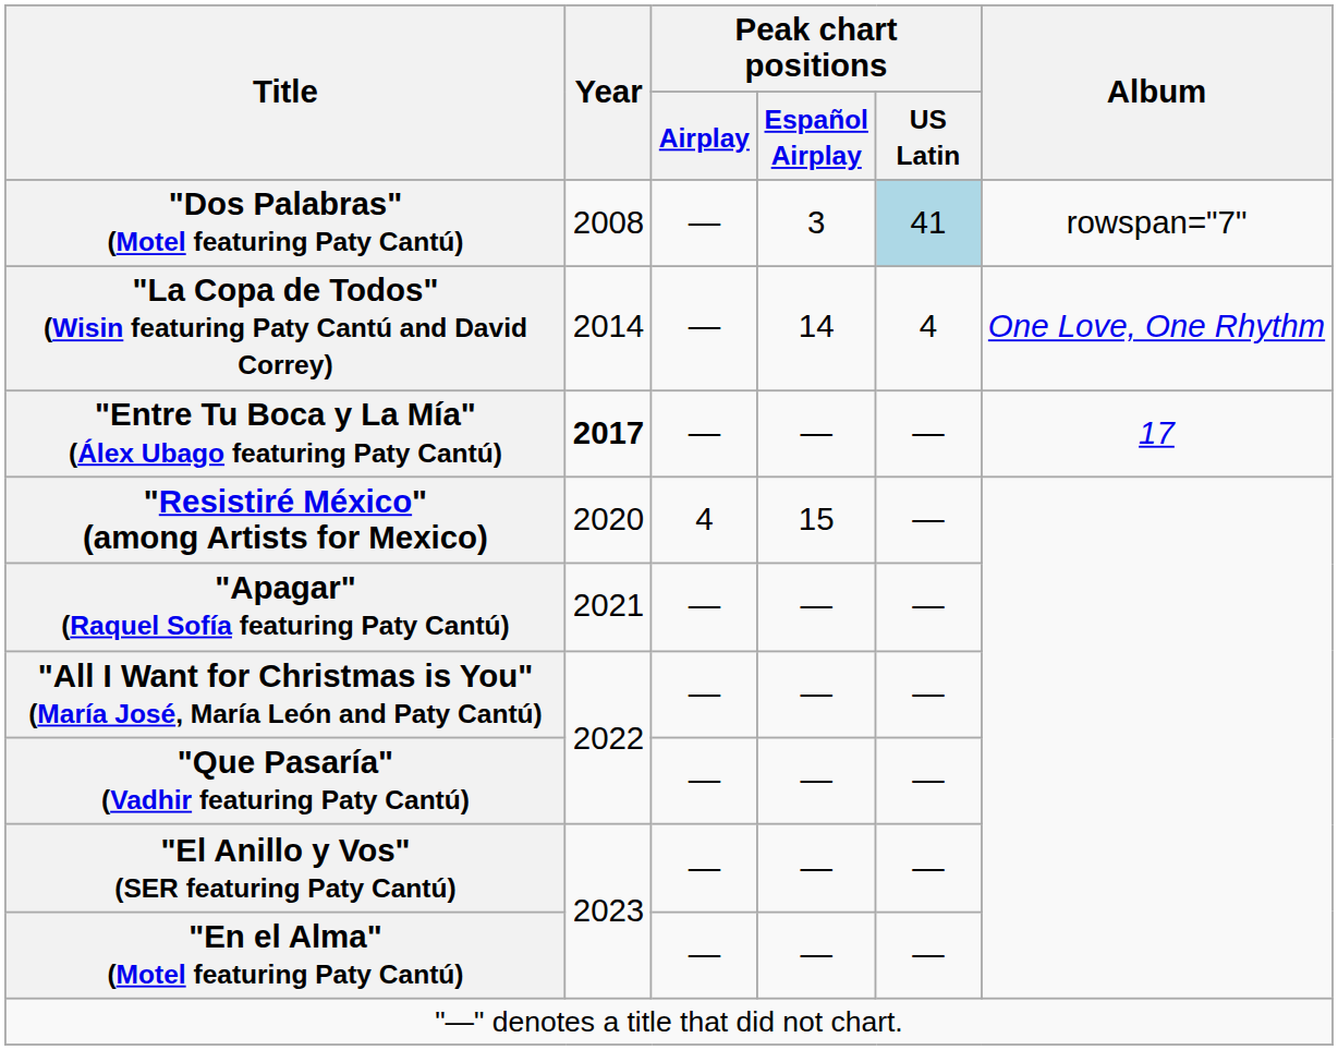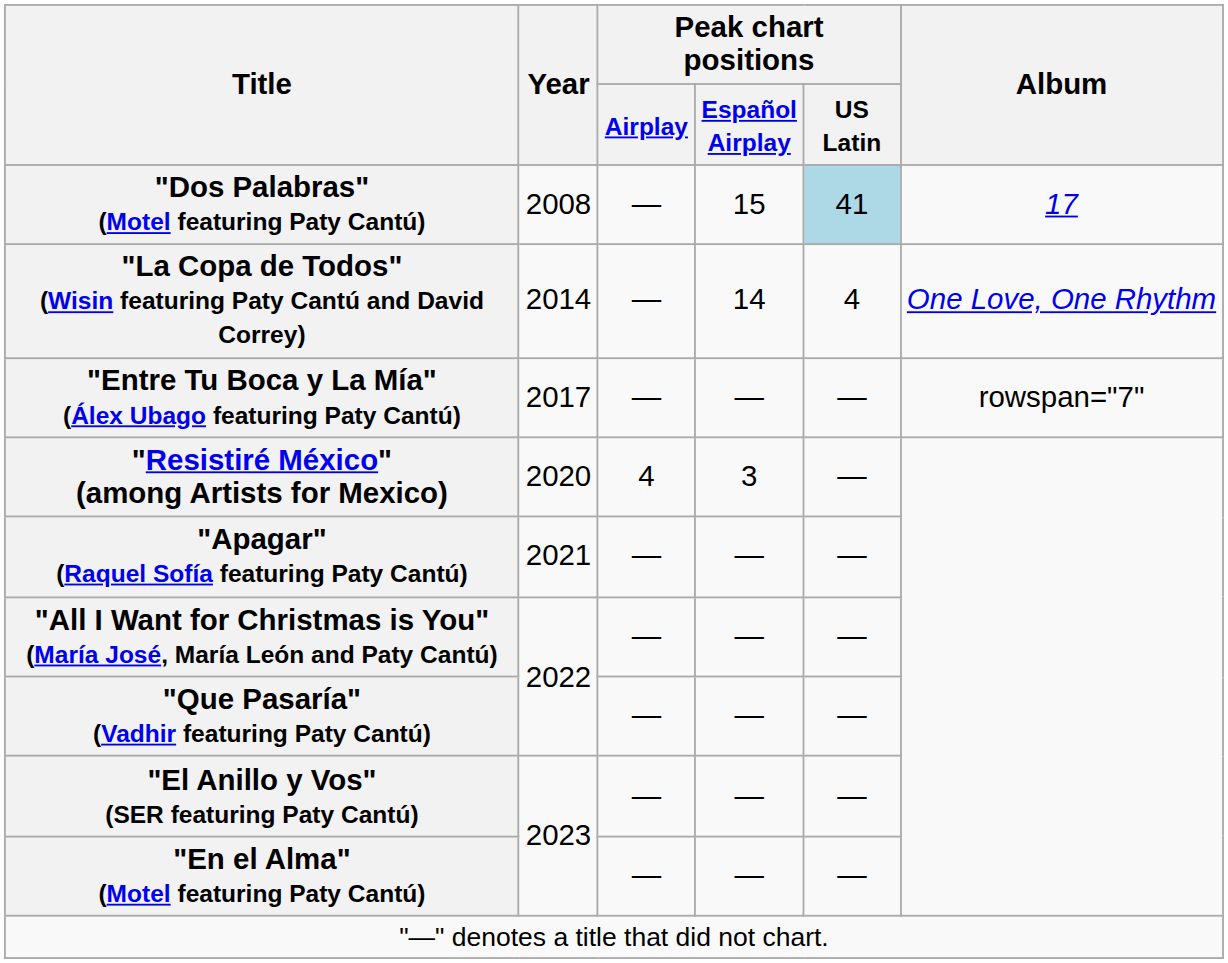 <table class="wikitable plainrowheaders" style="text-align:center;">
 <tr>
 <th scope="col" rowspan="2" style="width:17em;">Title</th>
 <th scope="col" rowspan="2">Year</th>
 <th scope="col" colspan="3">Peak chart<br>positions</th>
 <th scope="col" rowspan="2">Album</th>
 </tr>
 <tr>
 <th style="width:45px;"><small><a href='#'>Airplay</a></small></th>
 <th style="width:45px;"><small><a href='#'>Español<br>Airplay</a></small></th>
 <th style="width:45px;"><small>US<br>Latin</small></th>
 </tr>
 <tr>
 <th scope="row">"Dos Palabras"<br><small>(<a href='#'>Motel</a> featuring Paty Cantú)</small></th>
 <td>2008</td>
 <td>—</td>
-<td>3</td>
+<td>15</td>
 <td style="background: lightblue;">41</td>
-<td>rowspan="7" </td>
+<td><em><a href='#'>17</a></em></td>
 </tr>
 <tr>
 <th scope="row">"La Copa de Todos"<br><small>(<a href='#'>Wisin</a> featuring Paty Cantú and David Correy)</small></th>
 <td>2014</td>
 <td>—</td>
 <td>14</td>
 <td>4</td>
 <td><em><a href='#'>One Love, One Rhythm</a></em></td>
 </tr>
 <tr>
 <th scope="row">"Entre Tu Boca y La Mía"<br><small>(<a href='#'>Álex Ubago</a> featuring Paty Cantú)</small></th>
-<td><strong>2017</strong></td>
+<td>2017</td>
 <td>—</td>
 <td>—</td>
 <td>—</td>
-<td><em><a href='#'>17</a></em></td>
+<td>rowspan="7" </td>
 </tr>
 <tr>
 <th scope="row">"<a href='#'>Resistiré México</a>"<br><span>(among Artists for Mexico)</span></th>
 <td>2020</td>
 <td>4</td>
-<td>15</td>
+<td>3</td>
 <td>—</td>
 </tr>
 <tr>
 <th scope="row">"Apagar"<br><small>(<a href='#'>Raquel Sofía</a> featuring Paty Cantú)</small></th>
 <td>2021</td>
 <td>—</td>
 <td>—</td>
 <td>—</td>
 </tr>
 <tr>
 <th scope="row">"All I Want for Christmas is You"<br><small>(<a href='#'>María José</a>, María León and Paty Cantú)</small></th>
 <td rowspan="2">2022</td>
 <td>—</td>
 <td>—</td>
 <td>—</td>
 </tr>
 <tr>
 <th scope="row">"Que Pasaría"<br><small>(<a href='#'>Vadhir</a> featuring Paty Cantú)</small></th>
 <td>—</td>
 <td>—</td>
 <td>—</td>
 </tr>
 <tr>
 <th scope="row">"El Anillo y Vos"<br><small>(SER featuring Paty Cantú)</small></th>
 <td rowspan="2">2023</td>
 <td>—</td>
 <td>—</td>
 <td>—</td>
 </tr>
 <tr>
 <th scope="row">"En el Alma"<br><small>(<a href='#'>Motel</a> featuring Paty Cantú)</small></th>
 <td>—</td>
 <td>—</td>
 <td>—</td>
 </tr>
 <tr>
 <td colspan="6" style="font-size:90%">"—" denotes a title that did not chart.</td>
 </tr>
 </table>
